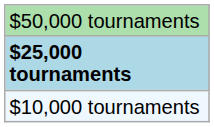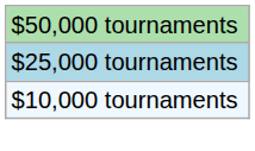 <table class="wikitable" style="font-size:85%;" width=11%>
 <tr style="background:#addfad;">
 <td>$50,000 tournaments</td>
 </tr>
 <tr style="background:lightblue;">
-<td><strong>$25,000 tournaments</strong></td>
+<td>$25,000 tournaments</td>
 </tr>
 <tr style="background:#f0f8ff;">
 <td>$10,000 tournaments</td>
 </tr>
 </table>
